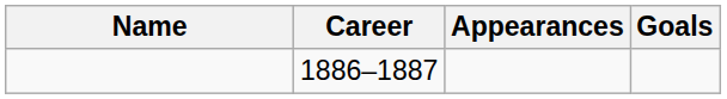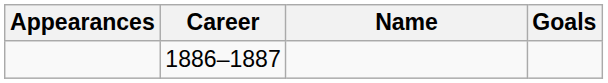 <table class="wikitable sortable" style="text-align: center;">
 <tr>
+<th>Appearances</th>
+<th>Career</th>
 <th style="width:10em">Name</th>
-<th>Career</th>
-<th>Appearances</th>
 <th>Goals</th>
 </tr>
 <tr>
+<td></td>
+<td>1886–1887</td>
 <td align="left"></td>
-<td>1886–1887</td>
-<td></td>
 <td></td>
 </tr>
 </table>
